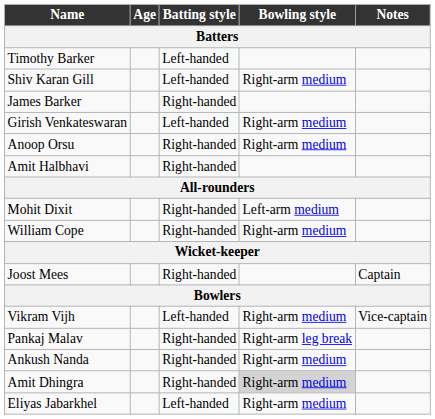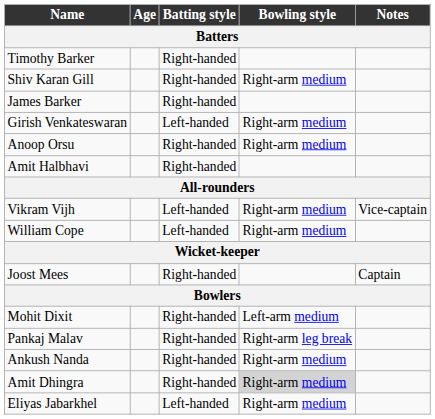 <table class="wikitable">
 <tr>
 <th style="text-align:center; background:#333333; color:white;">Name</th>
 <th style="text-align:center; background:#333333; color:white;">Age</th>
 <th style="text-align:center; background:#333333; color:white;">Batting style</th>
 <th style="text-align:center; background:#333333; color:white;">Bowling style</th>
 <th style="text-align:center; background:#333333; color:white;">Notes</th>
 </tr>
 <tr>
 <th colspan="5">Batters</th>
 </tr>
 <tr>
 <td>Timothy Barker</td>
 <td></td>
-<td>Left-handed</td>
+<td>Right-handed</td>
 <td></td>
 <td></td>
 </tr>
 <tr>
 <td>Shiv Karan Gill</td>
 <td></td>
-<td>Left-handed</td>
+<td>Right-handed</td>
 <td>Right-arm <a href='#'>medium</a></td>
 <td></td>
 </tr>
 <tr>
 <td>James Barker</td>
 <td></td>
 <td>Right-handed</td>
 <td></td>
 <td></td>
 </tr>
 <tr>
 <td>Girish Venkateswaran</td>
 <td></td>
 <td>Left-handed</td>
 <td>Right-arm <a href='#'>medium</a></td>
 <td></td>
 </tr>
 <tr>
 <td>Anoop Orsu</td>
 <td></td>
 <td>Right-handed</td>
 <td>Right-arm <a href='#'>medium</a></td>
 <td></td>
 </tr>
 <tr>
 <td>Amit Halbhavi</td>
 <td></td>
 <td>Right-handed</td>
 <td></td>
 <td></td>
 </tr>
 <tr>
 <th colspan="5">All-rounders</th>
 </tr>
 <tr>
-<td>Mohit Dixit</td>
+<td>Vikram Vijh</td>
 <td></td>
-<td>Right-handed</td>
-<td>Left-arm <a href='#'>medium</a></td>
-<td></td>
+<td>Left-handed</td>
+<td>Right-arm <a href='#'>medium</a></td>
+<td>Vice-captain</td>
 </tr>
 <tr>
 <td>William Cope</td>
 <td></td>
-<td>Right-handed</td>
+<td>Left-handed</td>
 <td>Right-arm <a href='#'>medium</a></td>
 <td></td>
 </tr>
 <tr>
 <th colspan="5">Wicket-keeper</th>
 </tr>
 <tr>
 <td>Joost Mees</td>
 <td></td>
 <td>Right-handed</td>
 <td></td>
 <td>Captain</td>
 </tr>
 <tr>
 <th colspan="5">Bowlers</th>
 </tr>
 <tr>
-<td>Vikram Vijh</td>
+<td>Mohit Dixit</td>
 <td></td>
-<td>Left-handed</td>
-<td>Right-arm <a href='#'>medium</a></td>
-<td>Vice-captain</td>
+<td>Right-handed</td>
+<td>Left-arm <a href='#'>medium</a></td>
+<td></td>
 </tr>
 <tr>
 <td>Pankaj Malav</td>
 <td></td>
 <td>Right-handed</td>
 <td>Right-arm <a href='#'>leg break</a></td>
 <td></td>
 </tr>
 <tr>
 <td>Ankush Nanda</td>
 <td></td>
 <td>Right-handed</td>
 <td>Right-arm <a href='#'>medium</a></td>
 <td></td>
 </tr>
 <tr>
 <td>Amit Dhingra</td>
 <td></td>
 <td>Right-handed</td>
 <td style="background: lightgrey;">Right-arm <a href='#'>medium</a></td>
 <td></td>
 </tr>
 <tr>
 <td>Eliyas Jabarkhel</td>
 <td></td>
 <td>Left-handed</td>
 <td>Right-arm <a href='#'>medium</a></td>
 <td></td>
 </tr>
 </table>
